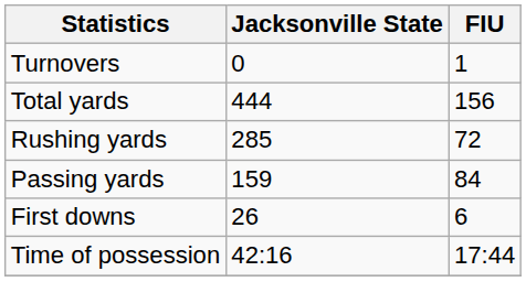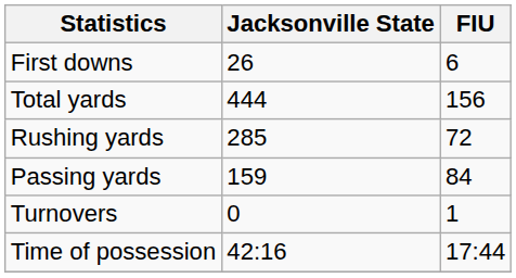 <table class="wikitable">
 <tr>
 <th>Statistics</th>
 <th>Jacksonville State</th>
 <th>FIU</th>
 </tr>
 <tr>
-<td>Turnovers</td>
-<td>0</td>
-<td>1</td>
+<td>First downs</td>
+<td>26</td>
+<td>6</td>
 </tr>
 <tr>
 <td>Total yards</td>
 <td>444</td>
 <td>156</td>
 </tr>
 <tr>
 <td>Rushing yards</td>
 <td>285</td>
 <td>72</td>
 </tr>
 <tr>
 <td>Passing yards</td>
 <td>159</td>
 <td>84</td>
 </tr>
 <tr>
-<td>First downs</td>
-<td>26</td>
-<td>6</td>
+<td>Turnovers</td>
+<td>0</td>
+<td>1</td>
 </tr>
 <tr>
 <td>Time of possession</td>
 <td>42:16</td>
 <td>17:44</td>
 </tr>
 <tr>
 </tr>
 </table>
